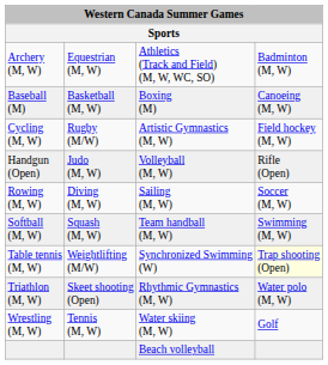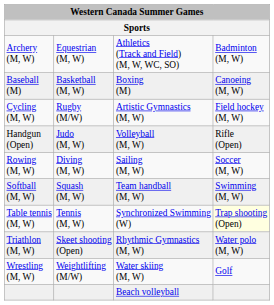 <table class=wikitable style="text-align:left; font-size:90%;">
 <tr>
 <th colspan=7 style="background:silver;">Western Canada Summer Games</th>
 </tr>
 <tr>
 <th colspan=7><span>Sports</span></th>
 </tr>
 <tr>
 <td> <a href='#'>Archery</a><br> (M, W)</td>
 <td> <a href='#'>Equestrian</a><br> (M, W)</td>
 <td> <a href='#'>Athletics</a> <br> (<a href='#'>Track and Field</a>⁣) <br>(M, W, WC, SO)</td>
 <td> <a href='#'>Badminton</a><br> (M, W)</td>
 </tr>
 <tr bgcolor="#f0f0f0">
 <td> <a href='#'>Baseball</a>⁣<br> (M)</td>
 <td> <a href='#'>Basketball</a>⁣<br> (M, W)</td>
 <td> <a href='#'>Boxing</a><br> (M)</td>
 <td> <a href='#'>Canoeing</a><br> (M, W)</td>
 </tr>
 <tr>
 <td> <a href='#'>Cycling</a><br> (M, W)</td>
 <td> <a href='#'>Rugby</a><br> (M/W)</td>
 <td> <a href='#'>Artistic Gymnastics</a><br> (M, W)</td>
 <td> <a href='#'>Field hockey</a><br> (M, W)</td>
 </tr>
 <tr bgcolor="#f0f0f0">
 <td>Handgun<br> (Open)</td>
 <td> <a href='#'>Judo</a><br> (M, W)</td>
 <td> <a href='#'>Volleyball</a> <br>(M, W)</td>
 <td>Rifle<br> (Open)</td>
 </tr>
 <tr>
 <td> <a href='#'>Rowing</a><br> (M, W)</td>
 <td> <a href='#'>Diving</a><br> (M, W)</td>
 <td> <a href='#'>Sailing</a>⁣<br> (M, W)</td>
 <td> <a href='#'>Soccer</a>⁣<br> (M, W)</td>
 </tr>
 <tr bgcolor="#f0f0f0">
 <td> <a href='#'>Softball</a><br> (M, W)</td>
 <td> <a href='#'>Squash</a><br> (M, W)</td>
 <td> <a href='#'>Team handball</a><br>(M, W)</td>
 <td> <a href='#'>Swimming</a><br> (M, W)</td>
 </tr>
 <tr>
 <td> <a href='#'>Table tennis</a><br>(M, W)</td>
-<td> <a href='#'>Weightlifting</a> <br>(M/W)</td>
+<td> <a href='#'>Tennis</a><br> (M, W)</td>
 <td> <a href='#'>Synchronized Swimming</a><br> (W)</td>
 <td style="background: lightyellow;"><a href='#'>Trap shooting</a> <br>(Open)</td>
 </tr>
 <tr bgcolor="#f0f0f0">
 <td> <a href='#'>Triathlon</a><br> (M, W)</td>
 <td><a href='#'>Skeet shooting</a><br> (Open)</td>
 <td> <a href='#'>Rhythmic Gymnastics</a><br> (M, W)</td>
 <td> <a href='#'>Water polo</a> <br>(M, W)</td>
 </tr>
 <tr>
 <td> <a href='#'>Wrestling</a> <br>(M, W)</td>
-<td> <a href='#'>Tennis</a><br> (M, W)</td>
+<td> <a href='#'>Weightlifting</a> <br>(M/W)</td>
 <td> <a href='#'>Water skiing</a> <br>(M, W)</td>
 <td> <a href='#'>Golf</a></td>
 </tr>
 <tr bgcolor="#f0f0f0">
 <td></td>
 <td></td>
 <td> <a href='#'>Beach volleyball</a></td>
 <td></td>
 </tr>
 </table>
